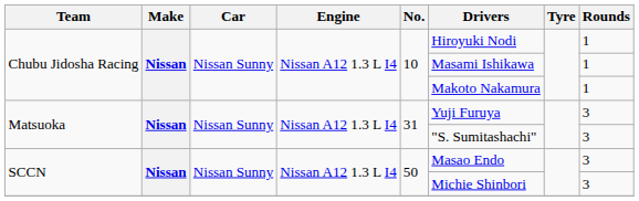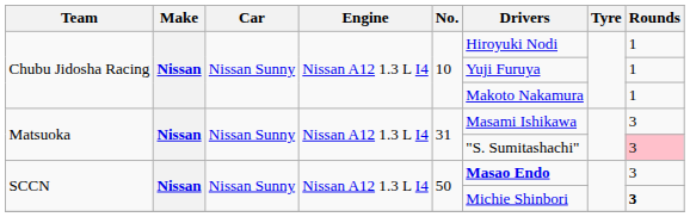 <table class="wikitable" style="font-size: 90%;">
 <tr>
 <th>Team</th>
 <th>Make</th>
 <th>Car</th>
 <th>Engine</th>
 <th>No.</th>
 <th>Drivers</th>
 <th>Tyre</th>
 <th>Rounds</th>
 </tr>
 <tr>
 <td rowspan=3>Chubu Jidosha Racing</td>
 <th rowspan=3><a href='#'>Nissan</a></th>
 <td rowspan=3><a href='#'>Nissan Sunny</a></td>
 <td rowspan=3><a href='#'>Nissan A12</a> 1.3 L <a href='#'>I4</a></td>
 <td rowspan=3>10</td>
 <td> <a href='#'>Hiroyuki Nodi</a></td>
 <td align=center rowspan=3></td>
 <td>1</td>
 </tr>
 <tr>
-<td> <a href='#'>Masami Ishikawa</a></td>
+<td> <a href='#'>Yuji Furuya</a></td>
 <td>1</td>
 </tr>
 <tr>
 <td> <a href='#'>Makoto Nakamura</a></td>
 <td>1</td>
 </tr>
 <tr>
 <td rowspan=2>Matsuoka</td>
 <th rowspan=2><a href='#'>Nissan</a></th>
 <td rowspan=2><a href='#'>Nissan Sunny</a></td>
 <td rowspan=2><a href='#'>Nissan A12</a> 1.3 L <a href='#'>I4</a></td>
 <td rowspan=2>31</td>
-<td> <a href='#'>Yuji Furuya</a></td>
+<td> <a href='#'>Masami Ishikawa</a></td>
 <td align=center rowspan=2></td>
 <td>3</td>
 </tr>
 <tr>
 <td> "S. Sumitashachi"</td>
-<td>3</td>
+<td style="background: pink;">3</td>
 </tr>
 <tr>
 <td rowspan=2>SCCN</td>
 <th rowspan=2><a href='#'>Nissan</a></th>
 <td rowspan=2><a href='#'>Nissan Sunny</a></td>
 <td rowspan=2><a href='#'>Nissan A12</a> 1.3 L <a href='#'>I4</a></td>
 <td rowspan=2>50</td>
-<td> <a href='#'>Masao Endo</a></td>
+<td><strong> <a href='#'>Masao Endo</a></strong></td>
 <td align=center rowspan=2></td>
 <td>3</td>
 </tr>
 <tr>
 <td> <a href='#'>Michie Shinbori</a></td>
-<td>3</td>
+<td><strong>3</strong></td>
 </tr>
 <tr>
 </tr>
 </table>
